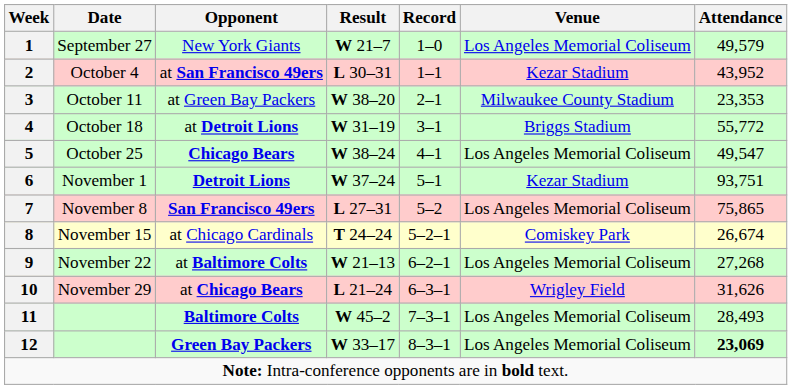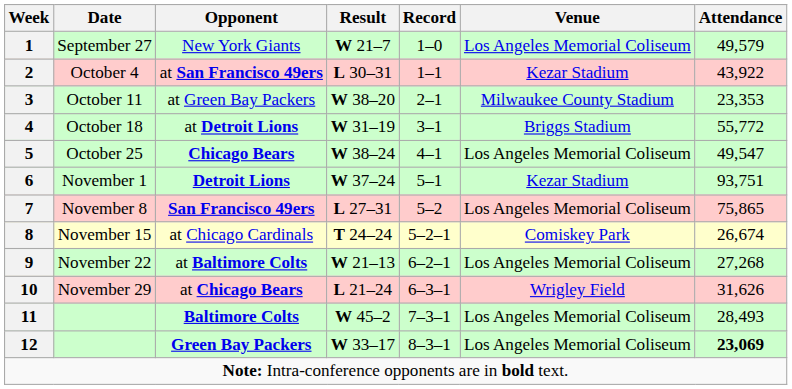 <table class="wikitable" style="text-align:center">
 <tr>
 <th>Week</th>
 <th>Date</th>
 <th>Opponent</th>
 <th>Result</th>
 <th>Record</th>
 <th>Venue</th>
 <th>Attendance</th>
 </tr>
 <tr style="background:#cfc">
 <th>1</th>
 <td>September 27</td>
 <td><a href='#'>New York Giants</a></td>
 <td><strong>W</strong> 21–7</td>
 <td>1–0</td>
 <td><a href='#'>Los Angeles Memorial Coliseum</a></td>
 <td>49,579</td>
 </tr>
 <tr style="background:#fcc">
 <th>2</th>
 <td>October 4</td>
 <td>at <strong><a href='#'>San Francisco 49ers</a></strong></td>
 <td><strong>L</strong> 30–31</td>
 <td>1–1</td>
 <td><a href='#'>Kezar Stadium</a></td>
-<td>43,952</td>
+<td>43,922</td>
 </tr>
 <tr style="background:#cfc">
 <th>3</th>
 <td>October 11</td>
 <td>at <a href='#'>Green Bay Packers</a></td>
 <td><strong>W</strong> 38–20</td>
 <td>2–1</td>
 <td><a href='#'>Milwaukee County Stadium</a></td>
 <td>23,353</td>
 </tr>
 <tr style="background:#cfc">
 <th>4</th>
 <td>October 18</td>
 <td>at <strong><a href='#'>Detroit Lions</a></strong></td>
 <td><strong>W</strong> 31–19</td>
 <td>3–1</td>
 <td><a href='#'>Briggs Stadium</a></td>
 <td>55,772</td>
 </tr>
 <tr style="background:#cfc">
 <th>5</th>
 <td>October 25</td>
 <td><strong><a href='#'>Chicago Bears</a></strong></td>
 <td><strong>W</strong> 38–24</td>
 <td>4–1</td>
 <td>Los Angeles Memorial Coliseum</td>
 <td>49,547</td>
 </tr>
 <tr style="background:#cfc">
 <th>6</th>
 <td>November 1</td>
 <td><strong><a href='#'>Detroit Lions</a></strong></td>
 <td><strong>W</strong> 37–24</td>
 <td>5–1</td>
 <td><a href='#'>Kezar Stadium</a></td>
 <td>93,751</td>
 </tr>
 <tr style="background:#fcc">
 <th>7</th>
 <td>November 8</td>
 <td><strong><a href='#'>San Francisco 49ers</a></strong></td>
 <td><strong>L</strong> 27–31</td>
 <td>5–2</td>
 <td>Los Angeles Memorial Coliseum</td>
 <td>75,865</td>
 </tr>
 <tr style="background:#ffc">
 <th>8</th>
 <td>November 15</td>
 <td>at <a href='#'>Chicago Cardinals</a></td>
 <td><strong>T</strong> 24–24</td>
 <td>5–2–1</td>
 <td><a href='#'>Comiskey Park</a></td>
 <td>26,674</td>
 </tr>
 <tr style="background:#cfc">
 <th>9</th>
 <td>November 22</td>
 <td>at <strong><a href='#'>Baltimore Colts</a></strong></td>
 <td><strong>W</strong> 21–13</td>
 <td>6–2–1</td>
 <td>Los Angeles Memorial Coliseum</td>
 <td>27,268</td>
 </tr>
 <tr style="background:#fcc">
 <th>10</th>
 <td>November 29</td>
 <td>at <strong><a href='#'>Chicago Bears</a></strong></td>
 <td><strong>L</strong> 21–24</td>
 <td>6–3–1</td>
 <td><a href='#'>Wrigley Field</a></td>
 <td>31,626</td>
 </tr>
 <tr style="background:#cfc">
 <th>11</th>
 <td></td>
 <td><strong><a href='#'>Baltimore Colts</a></strong></td>
 <td><strong>W</strong> 45–2</td>
 <td>7–3–1</td>
 <td>Los Angeles Memorial Coliseum</td>
 <td>28,493</td>
 </tr>
 <tr style="background:#cfc">
 <th>12</th>
 <td></td>
 <td><strong><a href='#'>Green Bay Packers</a></strong></td>
 <td><strong>W</strong> 33–17</td>
 <td>8–3–1</td>
 <td>Los Angeles Memorial Coliseum</td>
 <td><strong>23,069</strong></td>
 </tr>
 <tr>
 <td colspan="8"><strong>Note:</strong> Intra-conference opponents are in <strong>bold</strong> text.</td>
 </tr>
 </table>
